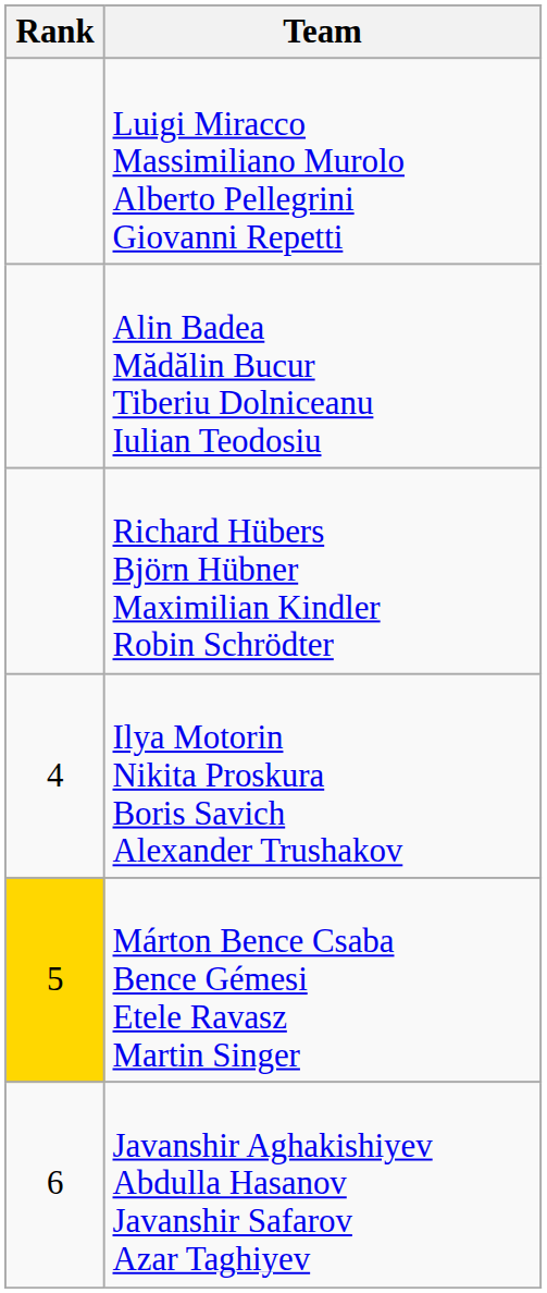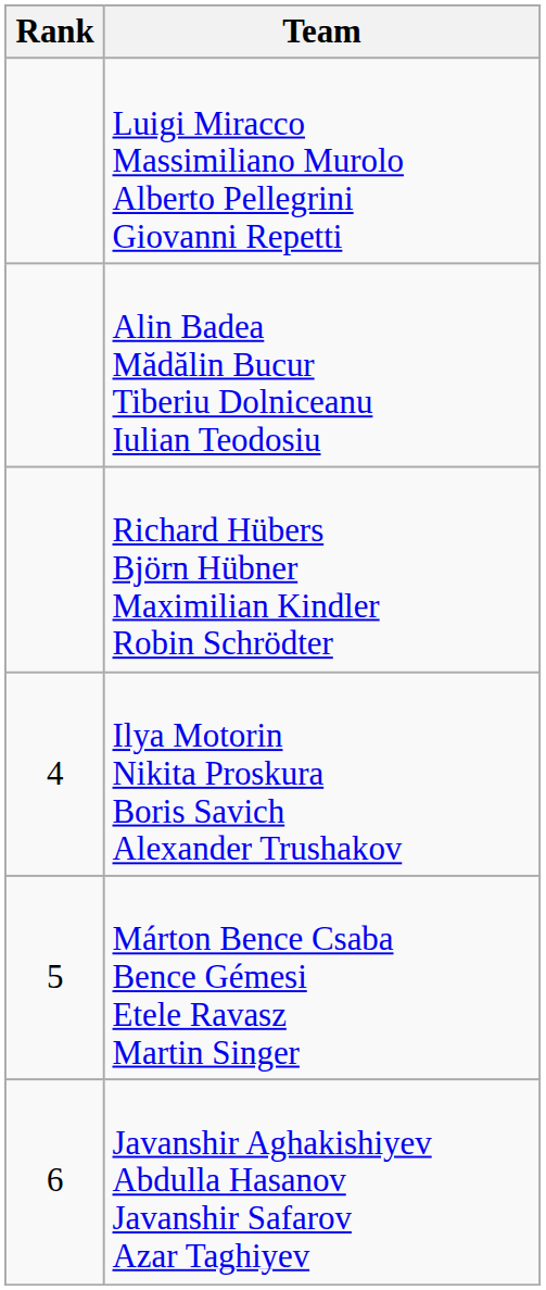 <table class="wikitable" style="text-align: center;">
 <tr>
 <th width=40>Rank</th>
 <th width=200>Team</th>
 </tr>
 <tr>
 <td></td>
 <td align=left><br><a href='#'>Luigi Miracco</a><br><a href='#'>Massimiliano Murolo</a><br><a href='#'>Alberto Pellegrini</a><br><a href='#'>Giovanni Repetti</a></td>
 </tr>
 <tr>
 <td></td>
 <td align=left><br><a href='#'>Alin Badea</a><br><a href='#'>Mădălin Bucur</a><br><a href='#'>Tiberiu Dolniceanu</a><br><a href='#'>Iulian Teodosiu</a></td>
 </tr>
 <tr>
 <td></td>
 <td align=left><br><a href='#'>Richard Hübers</a><br><a href='#'>Björn Hübner</a><br><a href='#'>Maximilian Kindler</a><br><a href='#'>Robin Schrödter</a></td>
 </tr>
 <tr>
 <td>4</td>
 <td align=left><br><a href='#'>Ilya Motorin</a><br><a href='#'>Nikita Proskura</a><br><a href='#'>Boris Savich</a><br><a href='#'>Alexander Trushakov</a></td>
 </tr>
 <tr>
-<td style="background: gold;">5</td>
+<td>5</td>
 <td align=left><br><a href='#'>Márton Bence Csaba</a><br><a href='#'>Bence Gémesi</a><br><a href='#'>Etele Ravasz</a><br><a href='#'>Martin Singer</a></td>
 </tr>
 <tr>
 <td>6</td>
 <td align=left><br><a href='#'>Javanshir Aghakishiyev</a><br><a href='#'>Abdulla Hasanov</a><br><a href='#'>Javanshir Safarov</a><br><a href='#'>Azar Taghiyev</a></td>
 </tr>
 </table>
